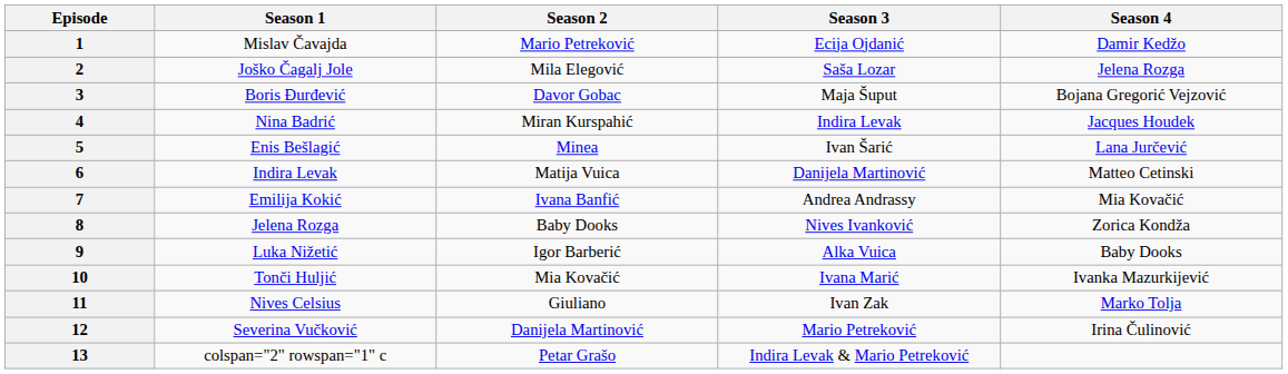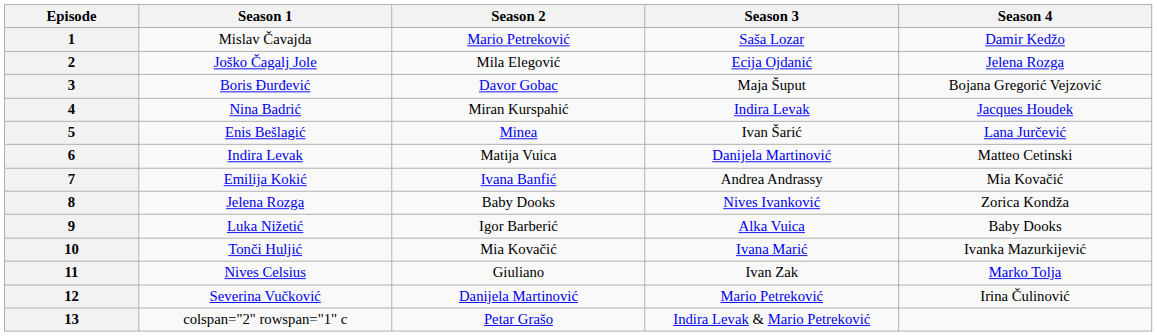 <table class="wikitable" style="text-align:center">
 <tr>
 <th style="width:9%;" scope="col">Episode</th>
 <th style="width:17%;" scope="col">Season 1</th>
 <th style="width:17%;" scope="col">Season 2</th>
 <th style="width:17%;" scope="col">Season 3</th>
 <th style="width:17%;" scope="col">Season 4</th>
 </tr>
 <tr>
 <th scope="row">1</th>
 <td>Mislav Čavajda</td>
 <td><a href='#'>Mario Petreković</a></td>
-<td><a href='#'>Ecija Ojdanić</a></td>
+<td><a href='#'>Saša Lozar</a></td>
 <td><a href='#'>Damir Kedžo</a></td>
 </tr>
 <tr>
 <th scope="row">2</th>
 <td><a href='#'>Joško Čagalj Jole</a></td>
 <td>Mila Elegović</td>
-<td><a href='#'>Saša Lozar</a></td>
+<td><a href='#'>Ecija Ojdanić</a></td>
 <td><a href='#'>Jelena Rozga</a></td>
 </tr>
 <tr>
 <th scope="row">3</th>
 <td><a href='#'>Boris Đurđević</a></td>
 <td><a href='#'>Davor Gobac</a></td>
 <td>Maja Šuput</td>
 <td>Bojana Gregorić Vejzović</td>
 </tr>
 <tr>
 <th scope="row">4</th>
 <td><a href='#'>Nina Badrić</a></td>
 <td>Miran Kurspahić</td>
 <td><a href='#'>Indira Levak</a></td>
 <td><a href='#'>Jacques Houdek</a></td>
 </tr>
 <tr>
 <th scope="row">5</th>
 <td><a href='#'>Enis Bešlagić</a></td>
 <td><a href='#'>Minea</a></td>
 <td>Ivan Šarić</td>
 <td><a href='#'>Lana Jurčević</a></td>
 </tr>
 <tr>
 <th scope="row">6</th>
 <td><a href='#'>Indira Levak</a></td>
 <td>Matija Vuica</td>
 <td><a href='#'>Danijela Martinović</a></td>
 <td>Matteo Cetinski</td>
 </tr>
 <tr>
 <th scope="row">7</th>
 <td><a href='#'>Emilija Kokić</a></td>
 <td><a href='#'>Ivana Banfić</a></td>
 <td>Andrea Andrassy</td>
 <td>Mia Kovačić</td>
 </tr>
 <tr>
 <th scope="row">8</th>
 <td><a href='#'>Jelena Rozga</a></td>
 <td>Baby Dooks</td>
 <td><a href='#'>Nives Ivanković</a></td>
 <td>Zorica Kondža</td>
 </tr>
 <tr>
 <th scope="row">9</th>
 <td><a href='#'>Luka Nižetić</a></td>
 <td>Igor Barberić</td>
 <td><a href='#'>Alka Vuica</a></td>
 <td>Baby Dooks</td>
 </tr>
 <tr>
 <th scope="row">10</th>
 <td><a href='#'>Tonči Huljić</a></td>
 <td>Mia Kovačić</td>
 <td><a href='#'>Ivana Marić</a></td>
 <td>Ivanka Mazurkijević</td>
 </tr>
 <tr>
 <th scope="row">11</th>
 <td><a href='#'>Nives Celsius</a></td>
 <td>Giuliano</td>
 <td>Ivan Zak</td>
 <td><a href='#'>Marko Tolja</a></td>
 </tr>
 <tr>
 <th scope="row">12</th>
 <td><a href='#'>Severina Vučković</a></td>
 <td><a href='#'>Danijela Martinović</a></td>
 <td><a href='#'>Mario Petreković</a></td>
 <td>Irina Čulinović</td>
 </tr>
 <tr>
 <th scope="row">13</th>
 <td>colspan="2" rowspan="1" c</td>
 <td><a href='#'>Petar Grašo</a></td>
 <td><a href='#'>Indira Levak</a> & <a href='#'>Mario Petreković</a></td>
 </tr>
 </table>
